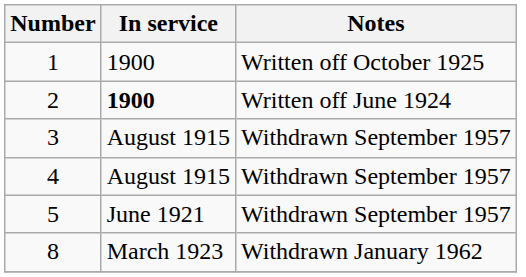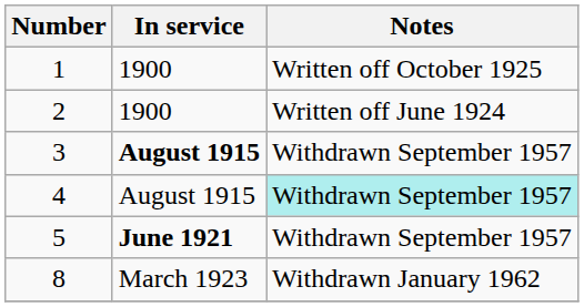 <table class="wikitable sortable">
 <tr>
 <th>Number</th>
 <th>In service</th>
 <th>Notes</th>
 </tr>
 <tr>
 <td align=center>1</td>
 <td>1900</td>
 <td>Written off October 1925</td>
 </tr>
 <tr>
 <td align=center>2</td>
-<td><strong>1900</strong></td>
+<td>1900</td>
 <td>Written off June 1924</td>
 </tr>
 <tr>
 <td align=center>3</td>
-<td>August 1915</td>
+<td><strong>August 1915</strong></td>
 <td>Withdrawn September 1957</td>
 </tr>
 <tr>
 <td align=center>4</td>
 <td>August 1915</td>
-<td>Withdrawn September 1957</td>
+<td style="background: paleturquoise;">Withdrawn September 1957</td>
 </tr>
 <tr>
 <td align=center>5</td>
-<td>June 1921</td>
+<td><strong>June 1921</strong></td>
 <td>Withdrawn September 1957</td>
 </tr>
 <tr>
 <td align=center>8</td>
 <td>March 1923</td>
 <td>Withdrawn January 1962</td>
 </tr>
 <tr>
 </tr>
 </table>
